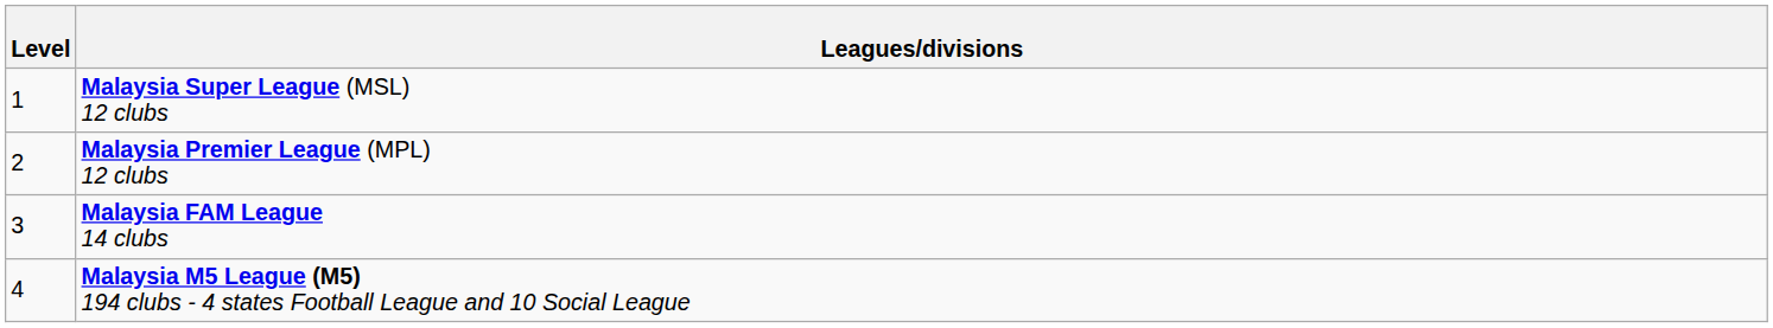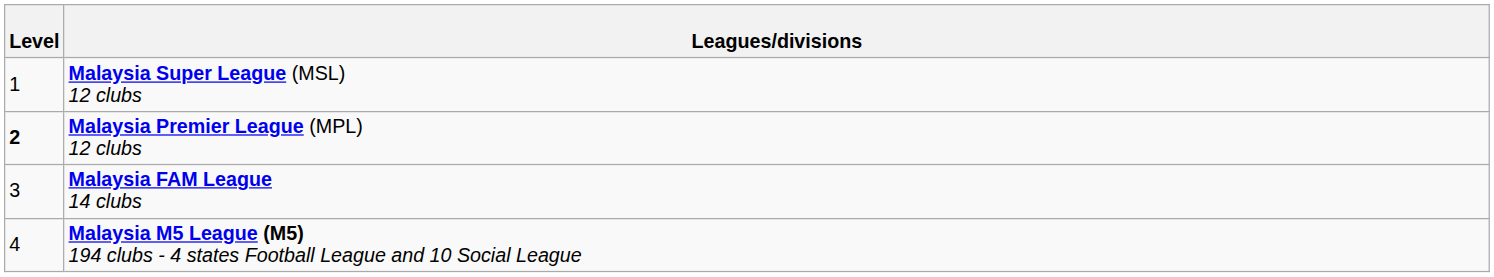 <table class="wikitable" style="text-align: centre;">
 <tr>
 <th colspan="1" width="4%"><br>Level</th>
 <th colspan="2" width="96%"><br>Leagues/divisions</th>
 </tr>
 <tr>
 <td>1</td>
 <td><strong><a href='#'>Malaysia Super League</a></strong> (MSL)<br><em>12 clubs</em></td>
 </tr>
 <tr>
-<td>2</td>
+<td><strong>2</strong></td>
 <td><strong><a href='#'>Malaysia Premier League</a></strong> (MPL)<br><em>12 clubs</em></td>
 </tr>
 <tr>
 <td>3</td>
 <td><strong><a href='#'>Malaysia FAM League</a></strong><br><em>14 clubs</em></td>
 </tr>
 <tr>
 <td>4</td>
 <td><strong><a href='#'>Malaysia M5 League</a> (M5)</strong><br><em>194 clubs - 4 states Football League and 10 Social League</em></td>
 </tr>
 </table>
